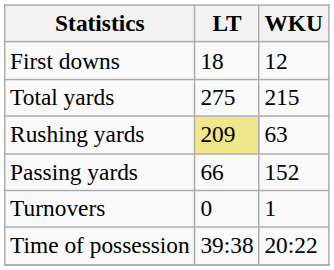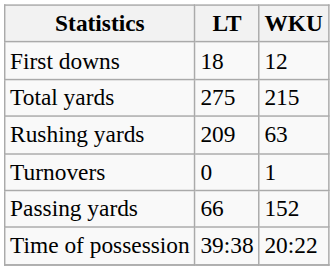 <table class="wikitable" style="float: left;">
 <tr>
 <th>Statistics</th>
 <th>LT</th>
 <th>WKU</th>
 </tr>
 <tr>
 <td>First downs</td>
 <td>18</td>
 <td>12</td>
 </tr>
 <tr>
 <td>Total yards</td>
 <td>275</td>
 <td>215</td>
 </tr>
 <tr>
 <td>Rushing yards</td>
-<td style="background: khaki;">209</td>
+<td>209</td>
 <td>63</td>
+</tr>
+<tr>
+<td>Turnovers</td>
+<td>0</td>
+<td>1</td>
 </tr>
 <tr>
 <td>Passing yards</td>
 <td>66</td>
 <td>152</td>
-</tr>
-<tr>
-<td>Turnovers</td>
-<td>0</td>
-<td>1</td>
 </tr>
 <tr>
 <td>Time of possession</td>
 <td>39:38</td>
 <td>20:22</td>
 </tr>
 <tr>
 </tr>
 </table>
